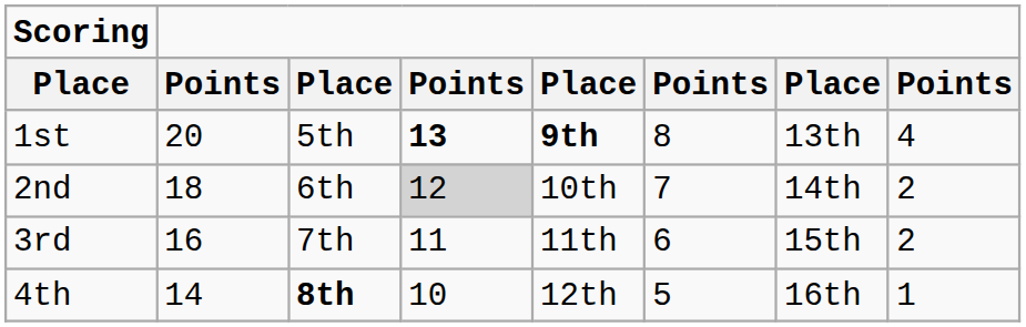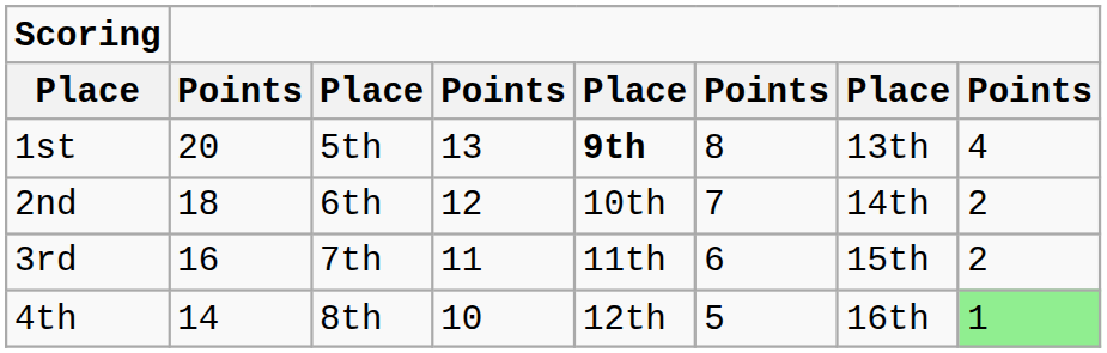 <table class="wikitable">
 <tr>
 <td><strong>Scoring</strong></td>
 </tr>
 <tr>
 <th>Place</th>
 <th>Points</th>
 <th>Place</th>
 <th>Points</th>
 <th>Place</th>
 <th>Points</th>
 <th>Place</th>
 <th>Points</th>
 </tr>
 <tr>
 <td>1st</td>
 <td>20</td>
 <td>5th</td>
-<td><strong>13</strong></td>
+<td>13</td>
 <td><strong>9th</strong></td>
 <td>8</td>
 <td>13th</td>
 <td>4</td>
 </tr>
 <tr>
 <td>2nd</td>
 <td>18</td>
 <td>6th</td>
-<td style="background: lightgrey;">12</td>
+<td>12</td>
 <td>10th</td>
 <td>7</td>
 <td>14th</td>
 <td>2</td>
 </tr>
 <tr>
 <td>3rd</td>
 <td>16</td>
 <td>7th</td>
 <td>11</td>
 <td>11th</td>
 <td>6</td>
 <td>15th</td>
 <td>2</td>
 </tr>
 <tr>
 <td>4th</td>
 <td>14</td>
-<td><strong>8th</strong></td>
+<td>8th</td>
 <td>10</td>
 <td>12th</td>
 <td>5</td>
 <td>16th</td>
-<td>1</td>
+<td style="background: lightgreen;">1</td>
 </tr>
 </table>
